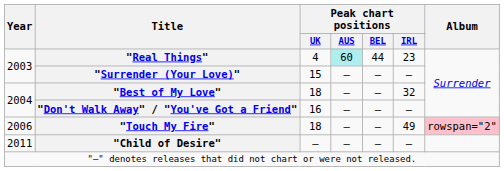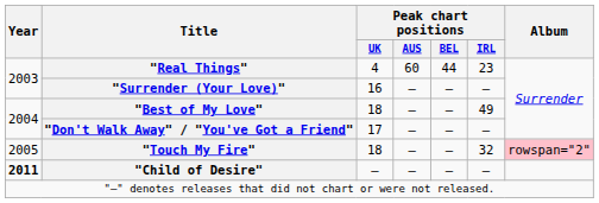 <table class="wikitable plainrowheaders" style="text-align:center;">
 <tr>
 <th scope="col" rowspan="2">Year</th>
 <th scope="col" rowspan="2">Title</th>
 <th scope="col" colspan="4">Peak chart positions</th>
 <th scope="col" rowspan="2">Album</th>
 </tr>
 <tr>
 <th scope="col" style="width:3em;font-size:85%;"><a href='#'>UK</a><br></th>
 <th scope="col" style="width:3em;font-size:85%;"><a href='#'>AUS</a><br></th>
 <th scope="col" style="width:3em;font-size:85%;"><a href='#'>BEL</a><br></th>
 <th scope="col" style="width:3em;font-size:85%;"><a href='#'>IRL</a><br></th>
 </tr>
 <tr>
 <td rowspan="2">2003</td>
 <th scope="row">"<a href='#'>Real Things</a>"</th>
 <td>4</td>
-<td style="background: paleturquoise;">60</td>
+<td>60</td>
 <td>44</td>
 <td>23</td>
 <td rowspan="4"><em><a href='#'>Surrender</a></em></td>
 </tr>
 <tr>
 <th scope="row">"<a href='#'>Surrender (Your Love)</a>"</th>
-<td>15</td>
+<td>16</td>
 <td>—</td>
 <td>—</td>
 <td>—</td>
 </tr>
 <tr>
 <td rowspan="2">2004</td>
 <th scope="row">"<a href='#'>Best of My Love</a>"</th>
 <td>18</td>
 <td>—</td>
 <td>—</td>
-<td>32</td>
+<td>49</td>
 </tr>
 <tr>
 <th scope="row">"<a href='#'>Don't Walk Away</a>" / "<a href='#'>You've Got a Friend</a>"</th>
-<td>16</td>
+<td>17</td>
 <td>—</td>
 <td>—</td>
 <td>—</td>
 </tr>
 <tr>
-<td>2006</td>
+<td>2005</td>
 <th scope="row">"<a href='#'>Touch My Fire</a>"</th>
 <td>18</td>
 <td>—</td>
 <td>—</td>
-<td>49</td>
+<td>32</td>
 <td style="background: pink;">rowspan="2" </td>
 </tr>
 <tr>
-<td>2011</td>
+<td><strong>2011</strong></td>
 <th scope="row">"Child of Desire"</th>
 <td>—</td>
 <td>—</td>
 <td>—</td>
 <td>—</td>
 </tr>
 <tr>
 <td align="center" colspan="7" style="font-size:85%">"—" denotes releases that did not chart or were not released.</td>
 </tr>
 </table>
